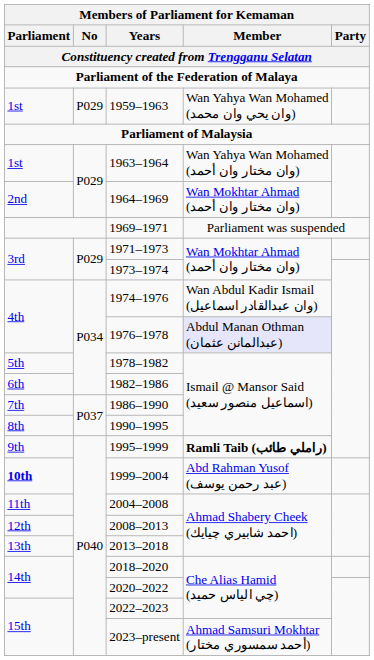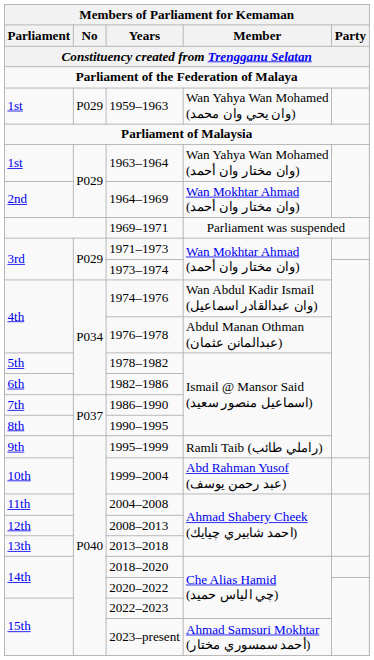 <table class=wikitable>
 <tr>
 <th colspan="5">Members of Parliament for Kemaman</th>
 </tr>
 <tr>
 <th>Parliament</th>
 <th>No</th>
 <th>Years</th>
 <th>Member</th>
 <th>Party</th>
 </tr>
 <tr>
 <th colspan="5" align="center"><em>Constituency created from <a href='#'>Trengganu Selatan</a></em></th>
 </tr>
 <tr>
 <td colspan="5" align="center"><strong>Parliament of the Federation of Malaya</strong></td>
 </tr>
 <tr>
 <td><a href='#'>1st</a></td>
 <td>P029</td>
 <td>1959–1963</td>
 <td>Wan Yahya Wan Mohamed <br> (وان يحي وان محمد)</td>
 <td></td>
 </tr>
 <tr>
 <td colspan="5" align="center"><strong>Parliament of Malaysia</strong></td>
 </tr>
 <tr>
 <td><a href='#'>1st</a></td>
 <td rowspan="2">P029</td>
 <td>1963–1964</td>
 <td>Wan Yahya Wan Mohamed<br>  (وان مختار وان أحمد)</td>
 <td rowspan=2></td>
 </tr>
 <tr>
 <td><a href='#'>2nd</a></td>
 <td>1964–1969</td>
 <td><a href='#'>Wan Mokhtar Ahmad</a> <br> (وان مختار وان أحمد)</td>
 </tr>
 <tr>
 <td colspan="2"></td>
 <td>1969–1971</td>
 <td colspan=2 align=center>Parliament was suspended</td>
 </tr>
 <tr>
 <td rowspan=2><a href='#'>3rd</a></td>
 <td rowspan="2">P029</td>
 <td>1971–1973</td>
 <td rowspan=2><a href='#'>Wan Mokhtar Ahmad</a> <br> (وان مختار وان أحمد)</td>
 <td></td>
 </tr>
 <tr>
 <td>1973–1974</td>
 <td rowspan=8></td>
 </tr>
 <tr>
 <td rowspan=2><a href='#'>4th</a></td>
 <td rowspan="4">P034</td>
 <td>1974–1976</td>
 <td>Wan Abdul Kadir Ismail <br> (وان عبدالقادر اسماعيل)</td>
 </tr>
 <tr>
 <td>1976–1978</td>
-<td style="background: lavender;">Abdul Manan Othman<br>  (عبدالمانن عثمان)</td>
+<td>Abdul Manan Othman<br>  (عبدالمانن عثمان)</td>
 </tr>
 <tr>
 <td><a href='#'>5th</a></td>
 <td>1978–1982</td>
 <td rowspan=4>Ismail @ Mansor Said<br>  (اسماعيل منصور سعيد)</td>
 </tr>
 <tr>
 <td><a href='#'>6th</a></td>
 <td>1982–1986</td>
 </tr>
 <tr>
 <td><a href='#'>7th</a></td>
 <td rowspan="2">P037</td>
 <td>1986–1990</td>
 </tr>
 <tr>
 <td><a href='#'>8th</a></td>
 <td>1990–1995</td>
 </tr>
 <tr>
 <td><a href='#'>9th</a></td>
 <td rowspan="9">P040</td>
 <td>1995–1999</td>
-<td><strong>Ramli Taib (راملي طائب)</strong></td>
+<td>Ramli Taib (راملي طائب)</td>
 </tr>
 <tr>
-<td><strong><a href='#'>10th</a></strong></td>
+<td><a href='#'>10th</a></td>
 <td>1999–2004</td>
 <td><a href='#'>Abd Rahman Yusof</a>  <br> (عبد رحمن يوسف)</td>
 <td></td>
 </tr>
 <tr>
 <td><a href='#'>11th</a></td>
 <td>2004–2008</td>
 <td rowspan=3><a href='#'>Ahmad Shabery Cheek</a> <br>  (احمد شابيري چيايك)</td>
 <td rowspan=3></td>
 </tr>
 <tr>
 <td><a href='#'>12th</a></td>
 <td>2008–2013</td>
 </tr>
 <tr>
 <td><a href='#'>13th</a></td>
 <td>2013–2018</td>
 </tr>
 <tr>
 <td rowspan="2"><a href='#'>14th</a></td>
 <td>2018–2020</td>
 <td rowspan=3><a href='#'>Che Alias Hamid</a> <br>  (چي الياس حميد)</td>
 <td></td>
 </tr>
 <tr>
 <td>2020–2022</td>
 <td rowspan=3></td>
 </tr>
 <tr>
 <td rowspan="2"><a href='#'>15th</a></td>
 <td>2022–2023</td>
 </tr>
 <tr>
 <td>2023–present</td>
 <td><a href='#'>Ahmad Samsuri Mokhtar</a> <br>  (أحمد سمسوري مختار‎)</td>
 </tr>
 </table>
